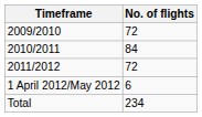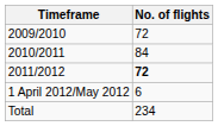 <table class="wikitable">
 <tr>
 <th>Timeframe</th>
 <th>No. of flights</th>
 </tr>
 <tr>
 <td>2009/2010</td>
 <td>72</td>
 </tr>
 <tr>
 <td>2010/2011</td>
 <td>84</td>
 </tr>
 <tr>
 <td>2011/2012</td>
-<td>72</td>
+<td><strong>72</strong></td>
 </tr>
 <tr>
 <td>1 April 2012/May 2012</td>
 <td>6</td>
 </tr>
 <tr>
 <td>Total</td>
 <td>234</td>
 </tr>
 </table>
